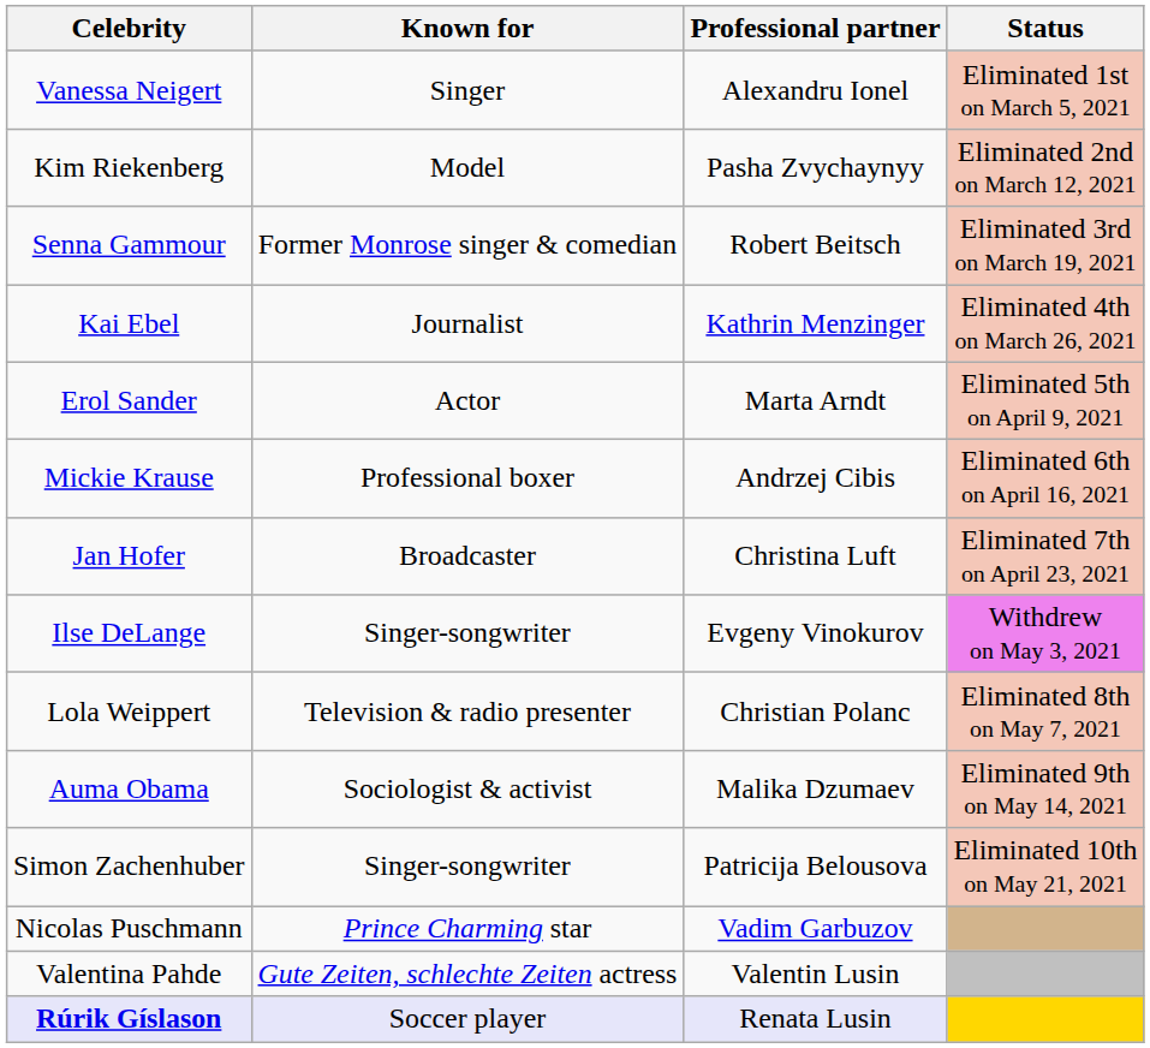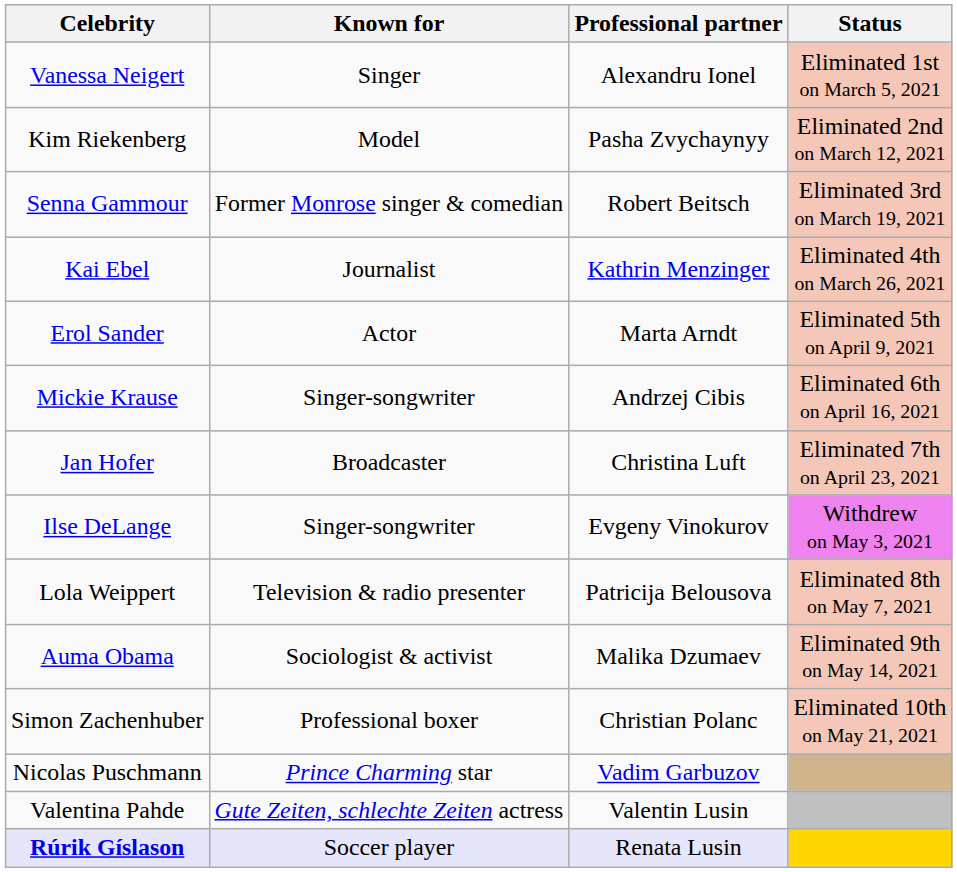 <table class= "wikitable sortable" style="text-align: center; margin:auto; align: center">
 <tr>
 <th>Celebrity</th>
 <th>Known for</th>
 <th>Professional partner</th>
 <th>Status</th>
 </tr>
 <tr>
 <td><a href='#'>Vanessa Neigert</a></td>
 <td>Singer</td>
 <td>Alexandru Ionel</td>
 <td bgcolor="#F4C7B8">Eliminated 1st<br><small>on March 5, 2021</small></td>
 </tr>
 <tr>
 <td>Kim Riekenberg</td>
 <td>Model</td>
 <td>Pasha Zvychaynyy</td>
 <td bgcolor="#F4C7B8">Eliminated 2nd<br><small>on March 12, 2021</small></td>
 </tr>
 <tr>
 <td><a href='#'>Senna Gammour</a></td>
 <td>Former <a href='#'>Monrose</a> singer & comedian</td>
 <td>Robert Beitsch</td>
 <td bgcolor="#F4C7B8">Eliminated 3rd<br><small>on March 19, 2021</small></td>
 </tr>
 <tr>
 <td><a href='#'>Kai Ebel</a></td>
 <td>Journalist</td>
 <td><a href='#'>Kathrin Menzinger</a></td>
 <td bgcolor="#F4C7B8">Eliminated 4th<br><small>on March 26, 2021</small></td>
 </tr>
 <tr>
 <td><a href='#'>Erol Sander</a></td>
 <td>Actor</td>
 <td>Marta Arndt</td>
 <td bgcolor="#F4C7B8">Eliminated 5th<br><small>on April 9, 2021</small></td>
 </tr>
 <tr>
 <td><a href='#'>Mickie Krause</a></td>
-<td>Professional boxer</td>
+<td>Singer-songwriter</td>
 <td>Andrzej Cibis</td>
 <td bgcolor="#F4C7B8">Eliminated 6th<br><small>on April 16, 2021</small></td>
 </tr>
 <tr>
 <td><a href='#'>Jan Hofer</a></td>
 <td>Broadcaster</td>
 <td>Christina Luft</td>
 <td bgcolor="#F4C7B8">Eliminated 7th<br><small>on April 23, 2021</small></td>
 </tr>
 <tr>
 <td><a href='#'>Ilse DeLange</a></td>
 <td>Singer-songwriter</td>
 <td>Evgeny Vinokurov</td>
 <td bgcolor="violet">Withdrew<br><small>on May 3, 2021</small></td>
 </tr>
 <tr>
 <td>Lola Weippert</td>
 <td>Television & radio presenter</td>
-<td>Christian Polanc</td>
+<td>Patricija Belousova</td>
 <td bgcolor="#F4C7B8">Eliminated 8th<br><small>on May 7, 2021</small></td>
 </tr>
 <tr>
 <td><a href='#'>Auma Obama</a></td>
 <td>Sociologist & activist</td>
 <td>Malika Dzumaev</td>
 <td bgcolor="#F4C7B8">Eliminated 9th<br><small>on May 14, 2021</small></td>
 </tr>
 <tr>
 <td>Simon Zachenhuber</td>
-<td>Singer-songwriter</td>
-<td>Patricija Belousova</td>
+<td>Professional boxer</td>
+<td>Christian Polanc</td>
 <td bgcolor="#F4C7B8">Eliminated 10th<br><small>on May 21, 2021</small></td>
 </tr>
 <tr>
 <td>Nicolas Puschmann</td>
 <td><em><a href='#'>Prince Charming</a></em> star</td>
 <td><a href='#'>Vadim Garbuzov</a></td>
 <td bgcolor="tan"></td>
 </tr>
 <tr>
 <td>Valentina Pahde</td>
 <td><em><a href='#'>Gute Zeiten, schlechte Zeiten</a></em> actress</td>
 <td>Valentin Lusin</td>
 <td bgcolor="silver"></td>
 </tr>
 <tr bgcolor="lavender">
 <td><strong><a href='#'>Rúrik Gíslason</a></strong></td>
 <td>Soccer player</td>
 <td>Renata Lusin</td>
 <td bgcolor="gold"></td>
 </tr>
 <tr>
 </tr>
 </table>
